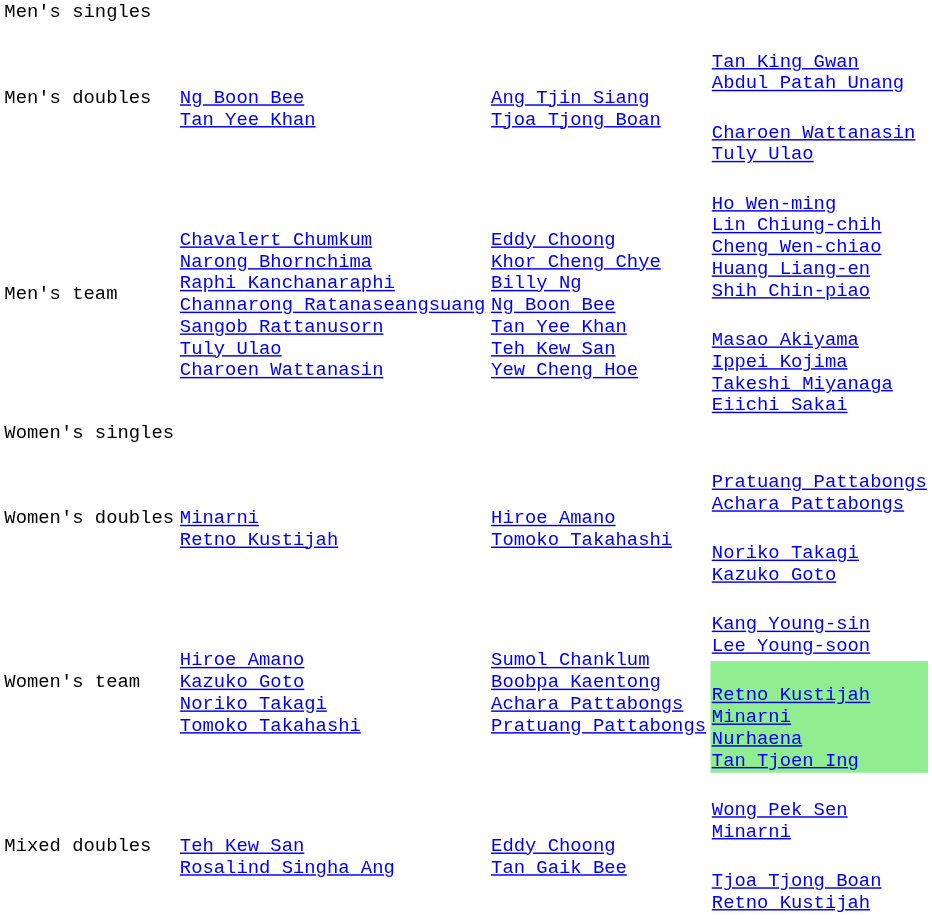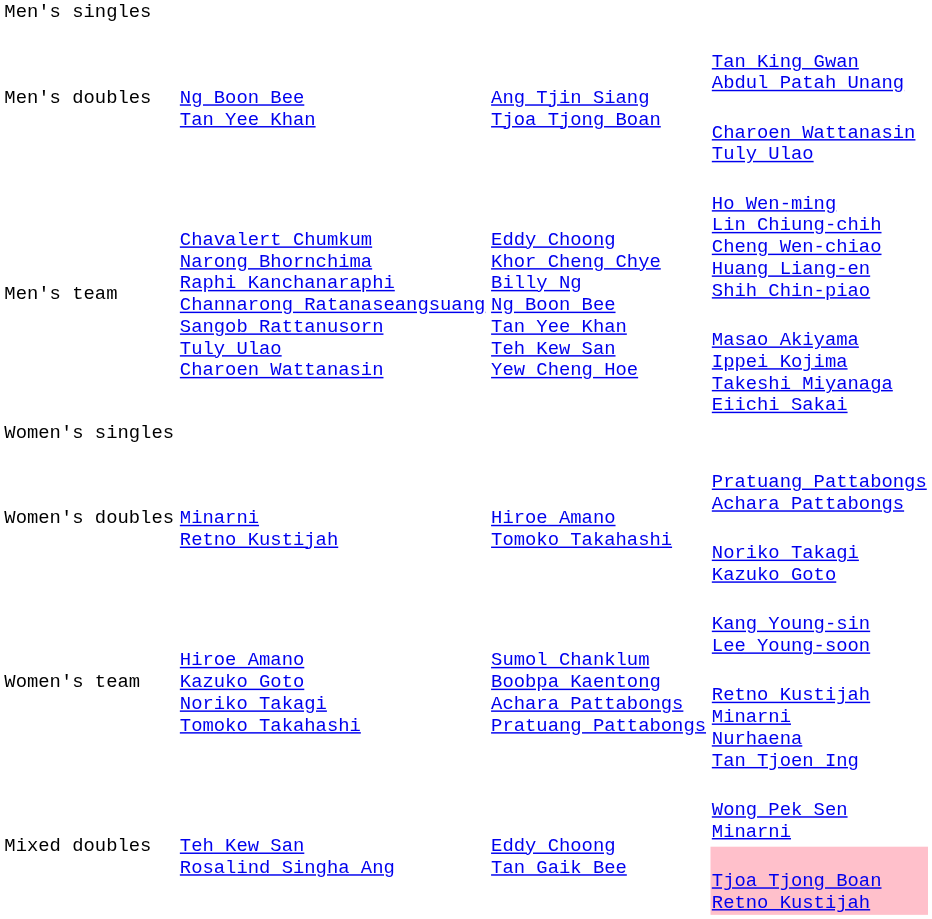 <table>
 <tr>
 <td rowspan=2>Men's singles<br></td>
 <td rowspan=2></td>
 <td rowspan=2></td>
 <td></td>
 </tr>
 <tr>
 <td></td>
 </tr>
 <tr>
 <td rowspan=2>Men's doubles<br></td>
 <td rowspan=2><br><a href='#'>Ng Boon Bee</a><br><a href='#'>Tan Yee Khan</a></td>
 <td rowspan=2><br><a href='#'>Ang Tjin Siang</a><br><a href='#'>Tjoa Tjong Boan</a></td>
 <td><br><a href='#'>Tan King Gwan</a><br><a href='#'>Abdul Patah Unang</a></td>
 </tr>
 <tr>
 <td><br><a href='#'>Charoen Wattanasin</a><br><a href='#'>Tuly Ulao</a></td>
 </tr>
 <tr>
 <td rowspan=2>Men's team<br></td>
 <td rowspan=2><br><a href='#'>Chavalert Chumkum</a><br><a href='#'>Narong Bhornchima</a><br><a href='#'>Raphi Kanchanaraphi</a><br><a href='#'>Channarong Ratanaseangsuang</a><br><a href='#'>Sangob Rattanusorn</a><br><a href='#'>Tuly Ulao</a><br><a href='#'>Charoen Wattanasin</a></td>
 <td rowspan=2><br><a href='#'>Eddy Choong</a><br><a href='#'>Khor Cheng Chye</a><br><a href='#'>Billy Ng</a><br><a href='#'>Ng Boon Bee</a><br><a href='#'>Tan Yee Khan</a><br><a href='#'>Teh Kew San</a><br><a href='#'>Yew Cheng Hoe</a></td>
 <td><br><a href='#'>Ho Wen-ming</a><br><a href='#'>Lin Chiung-chih</a><br><a href='#'>Cheng Wen-chiao</a><br><a href='#'>Huang Liang-en</a><br><a href='#'>Shih Chin-piao</a></td>
 </tr>
 <tr>
 <td><br><a href='#'>Masao Akiyama</a><br><a href='#'>Ippei Kojima</a><br><a href='#'>Takeshi Miyanaga</a><br><a href='#'>Eiichi Sakai</a></td>
 </tr>
 <tr>
 <td rowspan=2>Women's singles<br></td>
 <td rowspan=2></td>
 <td rowspan=2></td>
 <td></td>
 </tr>
 <tr>
 <td></td>
 </tr>
 <tr>
 <td rowspan=2>Women's doubles<br></td>
 <td rowspan=2><br><a href='#'>Minarni</a><br><a href='#'>Retno Kustijah</a></td>
 <td rowspan=2><br><a href='#'>Hiroe Amano</a><br><a href='#'>Tomoko Takahashi</a></td>
 <td><br><a href='#'>Pratuang Pattabongs</a><br><a href='#'>Achara Pattabongs</a></td>
 </tr>
 <tr>
 <td><br><a href='#'>Noriko Takagi</a><br><a href='#'>Kazuko Goto</a></td>
 </tr>
 <tr>
 <td rowspan=2>Women's team<br></td>
 <td rowspan=2><br><a href='#'>Hiroe Amano</a><br><a href='#'>Kazuko Goto</a><br><a href='#'>Noriko Takagi</a><br><a href='#'>Tomoko Takahashi</a></td>
 <td rowspan=2><br><a href='#'>Sumol Chanklum</a><br><a href='#'>Boobpa Kaentong</a><br><a href='#'>Achara Pattabongs</a><br><a href='#'>Pratuang Pattabongs</a></td>
 <td><br><a href='#'>Kang Young-sin</a><br><a href='#'>Lee Young-soon</a></td>
 </tr>
 <tr>
-<td style="background: lightgreen;"><br><a href='#'>Retno Kustijah</a><br><a href='#'>Minarni</a><br><a href='#'>Nurhaena</a><br><a href='#'>Tan Tjoen Ing</a></td>
+<td><br><a href='#'>Retno Kustijah</a><br><a href='#'>Minarni</a><br><a href='#'>Nurhaena</a><br><a href='#'>Tan Tjoen Ing</a></td>
 </tr>
 <tr>
 <td rowspan=2>Mixed doubles<br></td>
 <td rowspan=2><br><a href='#'>Teh Kew San</a><br><a href='#'>Rosalind Singha Ang</a></td>
 <td rowspan=2><br><a href='#'>Eddy Choong</a><br><a href='#'>Tan Gaik Bee</a></td>
 <td><br><a href='#'>Wong Pek Sen</a><br><a href='#'>Minarni</a></td>
 </tr>
 <tr>
-<td><br><a href='#'>Tjoa Tjong Boan</a><br><a href='#'>Retno Kustijah</a></td>
+<td style="background: pink;"><br><a href='#'>Tjoa Tjong Boan</a><br><a href='#'>Retno Kustijah</a></td>
 </tr>
 </table>
